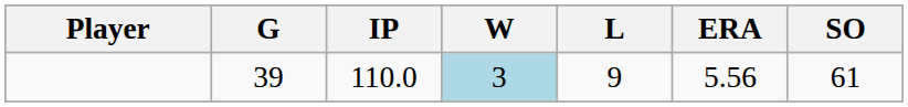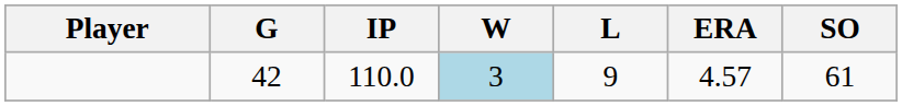 <table class="wikitable sortable">
 <tr>
 <th bgcolor="#DDDDFF" width="16%">Player</th>
 <th bgcolor="#DDDDFF" width="9%">G</th>
 <th bgcolor="#DDDDFF" width="9%">IP</th>
 <th bgcolor="#DDDDFF" width="9%">W</th>
 <th bgcolor="#DDDDFF" width="9%">L</th>
 <th bgcolor="#DDDDFF" width="9%">ERA</th>
 <th bgcolor="#DDDDFF" width="9%">SO</th>
 </tr>
 <tr align="center">
 <td></td>
-<td>39</td>
+<td>42</td>
 <td>110.0</td>
 <td style="background: lightblue;">3</td>
 <td>9</td>
-<td>5.56</td>
+<td>4.57</td>
 <td>61</td>
 </tr>
 </table>
